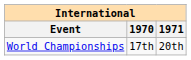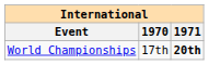 <table class="wikitable" style="text-align:center">
 <tr>
 <th style="background-color: #ffdead; " colspan=3 align=center>International</th>
 </tr>
 <tr>
 <th>Event</th>
 <th>1970</th>
 <th>1971</th>
 </tr>
 <tr>
 <td align=left><a href='#'>World Championships</a></td>
 <td>17th</td>
-<td>20th</td>
+<td><strong>20th</strong></td>
 </tr>
 </table>
